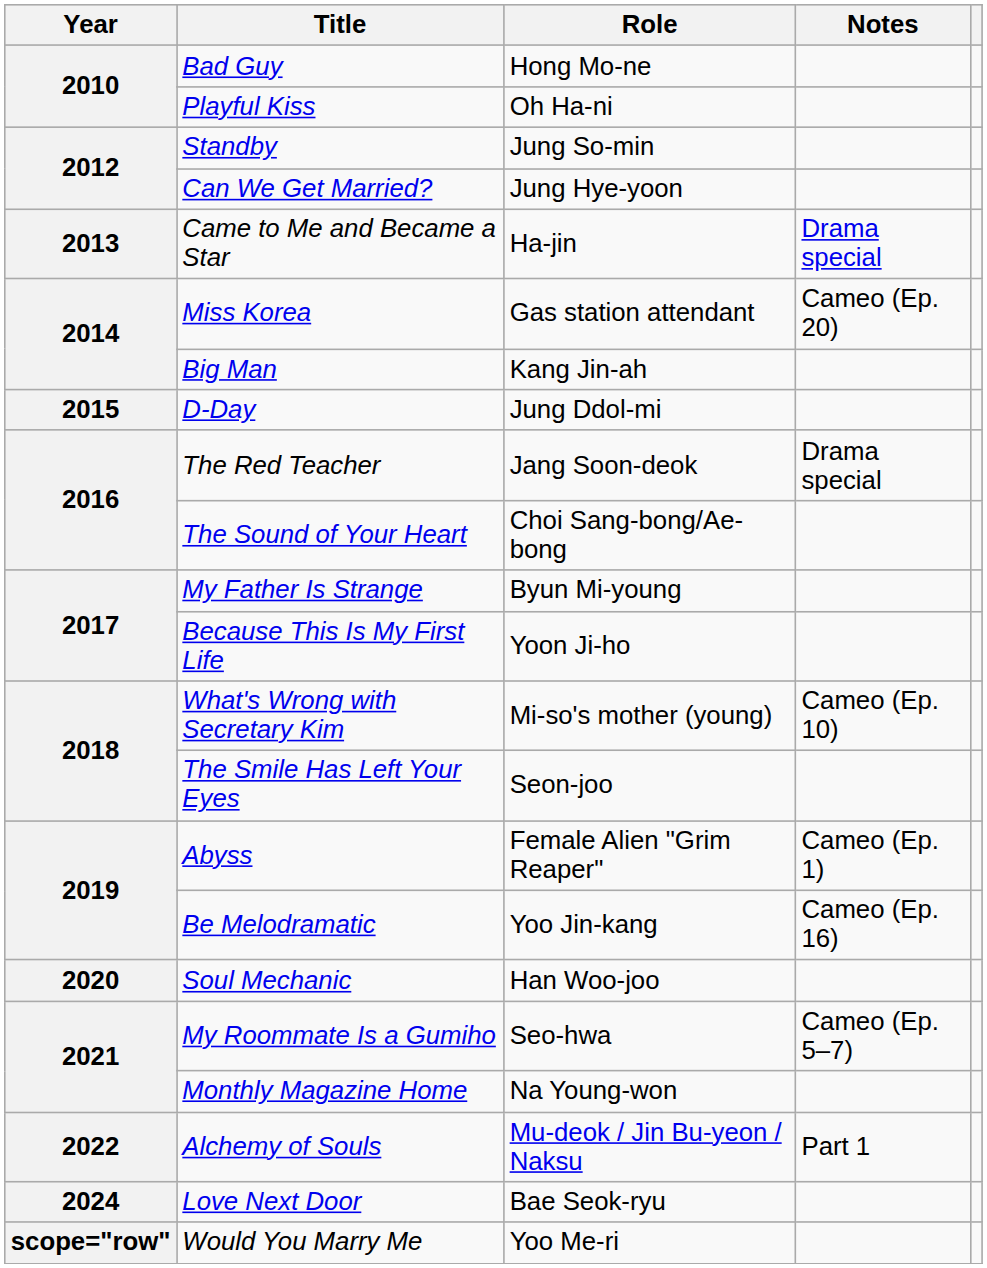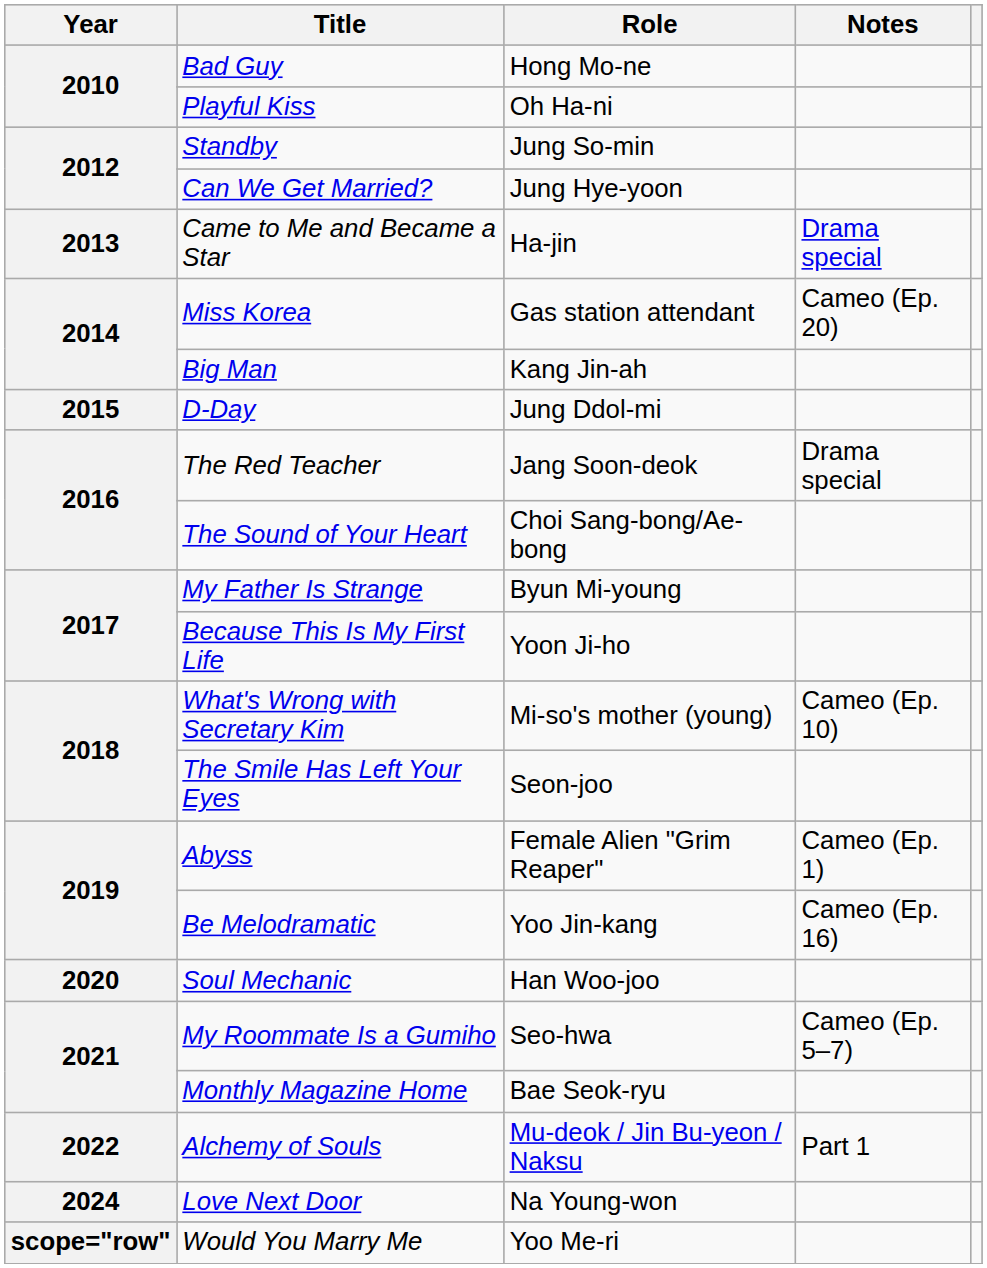 <table class="wikitable plainrowheaders sortable">
 <tr>
 <th scope="col">Year</th>
 <th scope="col">Title</th>
 <th scope="col">Role</th>
 <th scope="col">Notes</th>
 <th scope="col" class="unsortable"></th>
 </tr>
 <tr>
 <th scope="row" rowspan="2">2010</th>
 <td><em><a href='#'>Bad Guy</a></em></td>
 <td>Hong Mo-ne</td>
 <td></td>
 <td style="text-align:center"></td>
 </tr>
 <tr>
 <td><em><a href='#'>Playful Kiss</a></em></td>
 <td>Oh Ha-ni</td>
 <td></td>
 <td style="text-align:center"></td>
 </tr>
 <tr>
 <th scope="row" rowspan="2">2012</th>
 <td><em><a href='#'>Standby</a></em></td>
 <td>Jung So-min</td>
 <td></td>
 <td style="text-align:center"></td>
 </tr>
 <tr>
 <td><em><a href='#'>Can We Get Married?</a></em></td>
 <td>Jung Hye-yoon</td>
 <td></td>
 <td style="text-align:center"></td>
 </tr>
 <tr>
 <th scope="row">2013</th>
 <td><em>Came to Me and Became a Star</em></td>
 <td>Ha-jin</td>
 <td><a href='#'>Drama special</a></td>
 <td style="text-align:center"></td>
 </tr>
 <tr>
 <th scope="row" rowspan="2">2014</th>
 <td><em><a href='#'>Miss Korea</a></em></td>
 <td>Gas station attendant</td>
 <td>Cameo (Ep. 20)</td>
 <td style="text-align:center"></td>
 </tr>
 <tr>
 <td><em><a href='#'>Big Man</a></em></td>
 <td>Kang Jin-ah</td>
 <td></td>
 <td style="text-align:center"></td>
 </tr>
 <tr>
 <th scope="row">2015</th>
 <td><em><a href='#'>D-Day</a></em></td>
 <td>Jung Ddol-mi</td>
 <td></td>
 <td style="text-align:center"></td>
 </tr>
 <tr>
 <th scope="row" rowspan="2">2016</th>
 <td><em>The Red Teacher</em></td>
 <td>Jang Soon-deok</td>
 <td>Drama special</td>
 <td style="text-align:center"></td>
 </tr>
 <tr>
 <td><em><a href='#'>The Sound of Your Heart</a></em></td>
 <td>Choi Sang-bong/Ae-bong</td>
 <td></td>
 <td style="text-align:center"></td>
 </tr>
 <tr>
 <th scope="row" rowspan="2">2017</th>
 <td><em><a href='#'>My Father Is Strange</a></em></td>
 <td>Byun Mi-young</td>
 <td></td>
 <td style="text-align:center"></td>
 </tr>
 <tr>
 <td><em><a href='#'>Because This Is My First Life</a></em></td>
 <td>Yoon Ji-ho</td>
 <td></td>
 <td style="text-align:center"></td>
 </tr>
 <tr>
 <th scope="row" rowspan="2">2018</th>
 <td><em><a href='#'>What's Wrong with Secretary Kim</a></em></td>
 <td>Mi-so's mother (young)</td>
 <td>Cameo (Ep. 10)</td>
 <td style="text-align:center"></td>
 </tr>
 <tr>
 <td><em><a href='#'>The Smile Has Left Your Eyes</a></em></td>
 <td>Seon-joo</td>
 <td></td>
 <td style="text-align:center"></td>
 </tr>
 <tr>
 <th scope="row" rowspan="2">2019</th>
 <td><em><a href='#'>Abyss</a></em></td>
 <td>Female Alien "Grim Reaper"</td>
 <td>Cameo (Ep. 1)</td>
 <td style="text-align:center"></td>
 </tr>
 <tr>
 <td><em><a href='#'>Be Melodramatic</a></em></td>
 <td>Yoo Jin-kang</td>
 <td>Cameo (Ep. 16)</td>
 <td style="text-align:center"></td>
 </tr>
 <tr>
 <th scope="row">2020</th>
 <td><em><a href='#'>Soul Mechanic</a></em></td>
 <td>Han Woo-joo</td>
 <td></td>
 <td style="text-align:center"></td>
 </tr>
 <tr>
 <th scope="row" rowspan="2">2021</th>
 <td><em><a href='#'>My Roommate Is a Gumiho</a></em></td>
 <td>Seo-hwa</td>
 <td>Cameo (Ep. 5–7)</td>
 <td style="text-align:center"></td>
 </tr>
 <tr>
 <td><em><a href='#'>Monthly Magazine Home</a></em></td>
-<td>Na Young-won</td>
+<td>Bae Seok-ryu</td>
 <td></td>
 <td style="text-align:center"></td>
 </tr>
 <tr>
 <th scope="row">2022</th>
 <td><em><a href='#'>Alchemy of Souls</a></em></td>
 <td><a href='#'>Mu-deok / Jin Bu-yeon / Naksu</a></td>
 <td>Part 1</td>
 <td style="text-align:center"></td>
 </tr>
 <tr>
 <th scope="row">2024</th>
 <td><em><a href='#'>Love Next Door</a></em></td>
-<td>Bae Seok-ryu</td>
+<td>Na Young-won</td>
 <td></td>
 <td style="text-align:center"></td>
 </tr>
 <tr>
 <th>scope="row" </th>
 <td><em>Would You Marry Me</em></td>
 <td>Yoo Me-ri</td>
 <td></td>
 <td style="text-align:center"></td>
 </tr>
 <tr>
 </tr>
 </table>
